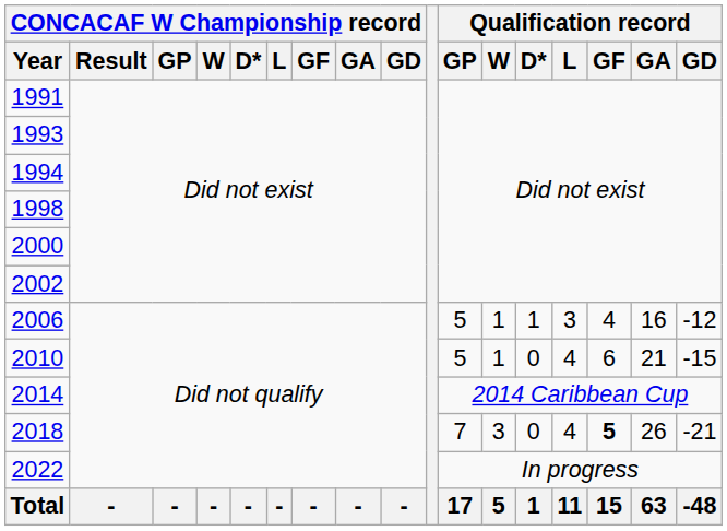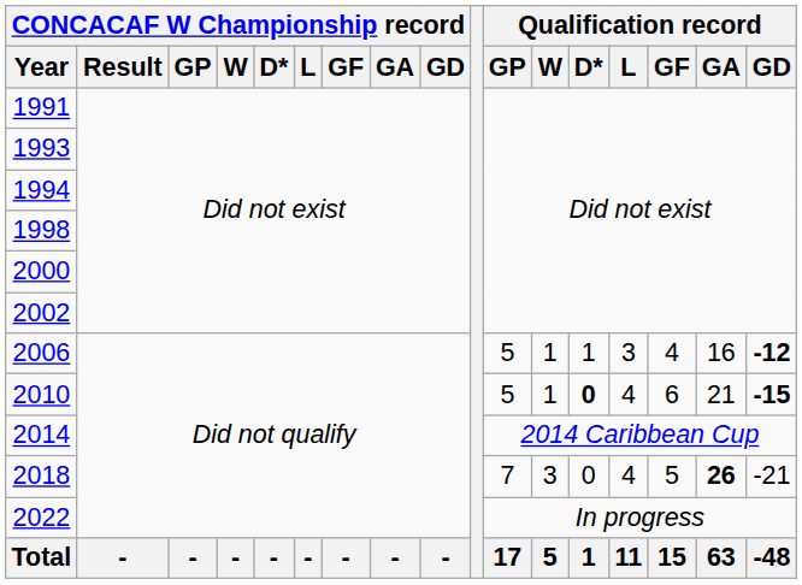 <table class="wikitable" style="text-align: center">
 <tr>
 <th colspan=9><a href='#'>CONCACAF W Championship</a> record</th>
 <th rowspan=14></th>
 <th colspan=8>Qualification record</th>
 </tr>
 <tr>
 <th>Year</th>
 <th>Result</th>
 <th>GP</th>
 <th>W</th>
 <th>D*</th>
 <th>L</th>
 <th>GF</th>
 <th>GA</th>
 <th>GD</th>
 <th>GP</th>
 <th>W</th>
 <th>D*</th>
 <th>L</th>
 <th>GF</th>
 <th>GA</th>
 <th>GD</th>
 </tr>
 <tr>
 <td> <a href='#'>1991</a></td>
 <td colspan=8 rowspan=6><em>Did not exist</em></td>
 <td colspan=7 rowspan=6><em>Did not exist</em></td>
 </tr>
 <tr>
 <td> <a href='#'>1993</a></td>
 </tr>
 <tr>
 <td> <a href='#'>1994</a></td>
 </tr>
 <tr>
 <td> <a href='#'>1998</a></td>
 </tr>
 <tr>
 <td> <a href='#'>2000</a></td>
 </tr>
 <tr>
 <td> <a href='#'>2002</a></td>
 </tr>
 <tr>
 <td> <a href='#'>2006</a></td>
 <td colspan=8 rowspan=5><em>Did not qualify</em></td>
 <td>5</td>
 <td>1</td>
 <td>1</td>
 <td>3</td>
 <td>4</td>
 <td>16</td>
-<td>-12</td>
+<td><strong>-12</strong></td>
 </tr>
 <tr>
 <td> <a href='#'>2010</a></td>
 <td>5</td>
 <td>1</td>
-<td>0</td>
+<td><strong>0</strong></td>
 <td>4</td>
 <td>6</td>
 <td>21</td>
-<td>-15</td>
+<td><strong>-15</strong></td>
 </tr>
 <tr>
 <td> <a href='#'>2014</a></td>
 <td colspan=7><em><a href='#'>2014 Caribbean Cup</a></em></td>
 </tr>
 <tr>
 <td> <a href='#'>2018</a></td>
 <td>7</td>
 <td>3</td>
 <td>0</td>
 <td>4</td>
-<td><strong>5</strong></td>
-<td>26</td>
+<td>5</td>
+<td><strong>26</strong></td>
 <td>-21</td>
 </tr>
 <tr>
 <td> <a href='#'>2022</a></td>
 <td colspan=7><em>In progress</em></td>
 </tr>
 <tr>
 <th>Total</th>
 <th>-</th>
 <th>-</th>
 <th>-</th>
 <th>-</th>
 <th>-</th>
 <th>-</th>
 <th>-</th>
 <th>-</th>
 <th>17</th>
 <th>5</th>
 <th>1</th>
 <th>11</th>
 <th>15</th>
 <th>63</th>
 <th>-48</th>
 </tr>
 </table>
